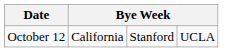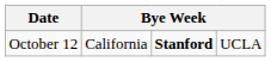 <table class="wikitable" style="font-size:95%;">
 <tr>
 <th>Date</th>
 <th colspan="3">Bye Week</th>
 </tr>
 <tr>
 <td>October 12</td>
 <td>California</td>
-<td>Stanford</td>
+<td><strong>Stanford</strong></td>
 <td>UCLA</td>
 </tr>
 </table>
